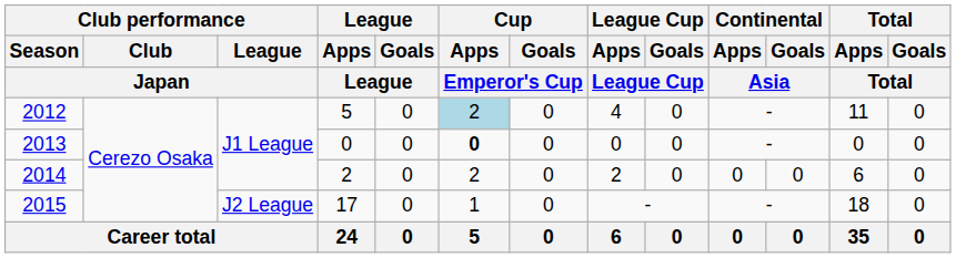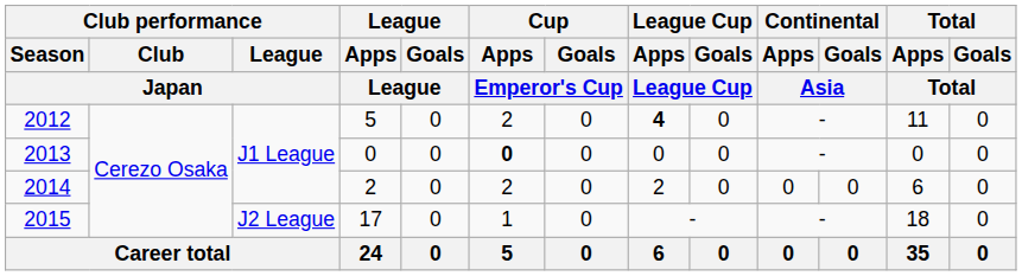 <table class="wikitable" style="text-align:center">
 <tr>
 <th colspan=3>Club performance</th>
 <th colspan=2>League</th>
 <th colspan=2>Cup</th>
 <th colspan=2>League Cup</th>
 <th colspan=2>Continental</th>
 <th colspan=2>Total</th>
 </tr>
 <tr>
 <th>Season</th>
 <th>Club</th>
 <th>League</th>
 <th>Apps</th>
 <th>Goals</th>
 <th>Apps</th>
 <th>Goals</th>
 <th>Apps</th>
 <th>Goals</th>
 <th>Apps</th>
 <th>Goals</th>
 <th>Apps</th>
 <th>Goals</th>
 </tr>
 <tr>
 <th colspan=3>Japan</th>
 <th colspan=2>League</th>
 <th colspan=2><a href='#'>Emperor's Cup</a></th>
 <th colspan=2><a href='#'>League Cup</a></th>
 <th colspan=2><a href='#'>Asia</a></th>
 <th colspan=2>Total</th>
 </tr>
 <tr>
 <td><a href='#'>2012</a></td>
 <td rowspan="4"><a href='#'>Cerezo Osaka</a></td>
 <td rowspan="3"><a href='#'>J1 League</a></td>
 <td>5</td>
 <td>0</td>
-<td style="background: lightblue;">2</td>
+<td>2</td>
 <td>0</td>
-<td>4</td>
+<td><strong>4</strong></td>
 <td>0</td>
 <td colspan="2">-</td>
 <td>11</td>
 <td>0</td>
 </tr>
 <tr>
 <td><a href='#'>2013</a></td>
 <td>0</td>
 <td>0</td>
 <td><strong>0</strong></td>
 <td>0</td>
 <td>0</td>
 <td>0</td>
 <td colspan="2">-</td>
 <td>0</td>
 <td>0</td>
 </tr>
 <tr>
 <td><a href='#'>2014</a></td>
 <td>2</td>
 <td>0</td>
 <td>2</td>
 <td>0</td>
 <td>2</td>
 <td>0</td>
 <td>0</td>
 <td>0</td>
 <td>6</td>
 <td>0</td>
 </tr>
 <tr>
 <td><a href='#'>2015</a></td>
 <td><a href='#'>J2 League</a></td>
 <td>17</td>
 <td>0</td>
 <td>1</td>
 <td>0</td>
 <td colspan="2">-</td>
 <td colspan="2">-</td>
 <td>18</td>
 <td>0</td>
 </tr>
 <tr>
 <th colspan=3>Career total</th>
 <th>24</th>
 <th>0</th>
 <th>5</th>
 <th>0</th>
 <th>6</th>
 <th>0</th>
 <th>0</th>
 <th>0</th>
 <th>35</th>
 <th>0</th>
 </tr>
 </table>
